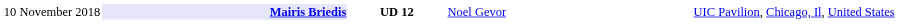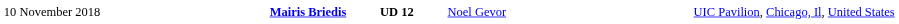 <table cellspacing="1" style="width:100%;">
 <tr>
 <th width="15%"></th>
 <th width="25%"></th>
 <th width="10%"></th>
 <th width="25%"></th>
 </tr>
 <tr style="font-size:100%">
 <td align="right">10 November 2018</td>
-<td align="right" style="background: lavender;"><strong><a href='#'>Mairis Briedis</a></strong> </td>
+<td align="right"><strong><a href='#'>Mairis Briedis</a></strong> </td>
 <td align="center"><strong>UD 12</strong></td>
 <td> <a href='#'>Noel Gevor</a></td>
 <td><a href='#'>UIC Pavilion</a>, <a href='#'>Chicago, Il</a>, <a href='#'>United States</a></td>
 </tr>
 </table>
